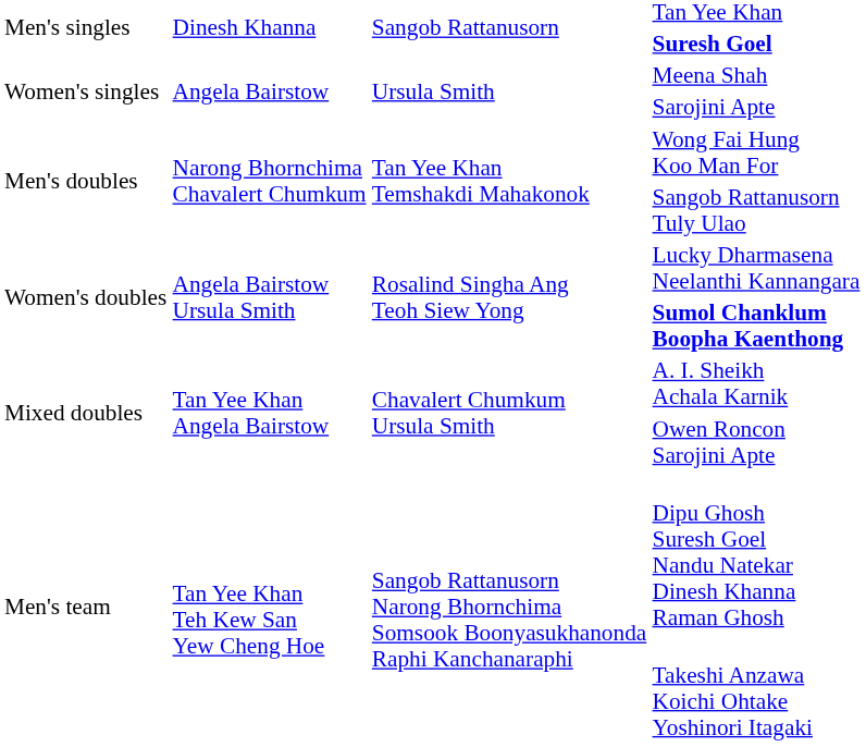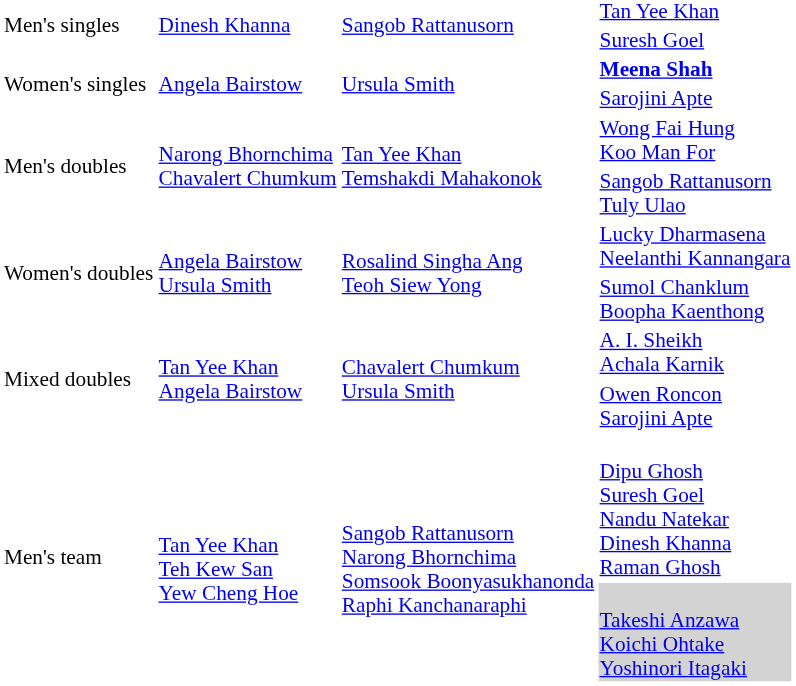 <table>
 <tr>
 <td rowspan="2">Men's singles</td>
 <td rowspan="2"> <a href='#'>Dinesh Khanna</a></td>
 <td rowspan="2"> <a href='#'>Sangob Rattanusorn</a></td>
 <td> <a href='#'>Tan Yee Khan</a></td>
 </tr>
 <tr>
-<td><strong> <a href='#'>Suresh Goel</a></strong></td>
+<td> <a href='#'>Suresh Goel</a></td>
 </tr>
 <tr>
 <td rowspan="2">Women's singles</td>
 <td rowspan="2"> <a href='#'>Angela Bairstow</a></td>
 <td rowspan="2"> <a href='#'>Ursula Smith</a></td>
-<td> <a href='#'>Meena Shah</a></td>
+<td><strong> <a href='#'>Meena Shah</a></strong></td>
 </tr>
 <tr>
 <td> <a href='#'>Sarojini Apte</a></td>
 </tr>
 <tr>
 <td rowspan="2">Men's doubles</td>
 <td rowspan="2"> <a href='#'>Narong Bhornchima</a> <br>  <a href='#'>Chavalert Chumkum</a></td>
 <td rowspan="2"> <a href='#'>Tan Yee Khan</a> <br>  <a href='#'>Temshakdi Mahakonok</a></td>
 <td> <a href='#'>Wong Fai Hung</a> <br>  <a href='#'>Koo Man For</a></td>
 </tr>
 <tr>
 <td> <a href='#'>Sangob Rattanusorn</a> <br>  <a href='#'>Tuly Ulao</a></td>
 </tr>
 <tr>
 <td rowspan="2">Women's doubles</td>
 <td rowspan="2"> <a href='#'>Angela Bairstow</a><br> <a href='#'>Ursula Smith</a></td>
 <td rowspan="2"> <a href='#'>Rosalind Singha Ang</a><br> <a href='#'>Teoh Siew Yong</a></td>
 <td> <a href='#'>Lucky Dharmasena</a> <br>  <a href='#'>Neelanthi Kannangara</a></td>
 </tr>
 <tr>
-<td><strong> <a href='#'>Sumol Chanklum</a> <br>  <a href='#'>Boopha Kaenthong</a></strong></td>
+<td> <a href='#'>Sumol Chanklum</a> <br>  <a href='#'>Boopha Kaenthong</a></td>
 </tr>
 <tr>
 <td rowspan="2">Mixed doubles</td>
 <td rowspan="2"> <a href='#'>Tan Yee Khan</a><br> <a href='#'>Angela Bairstow</a></td>
 <td rowspan="2"> <a href='#'>Chavalert Chumkum</a><br> <a href='#'>Ursula Smith</a></td>
 <td> <a href='#'>A. I. Sheikh</a> <br>  <a href='#'>Achala Karnik</a></td>
 </tr>
 <tr>
 <td> <a href='#'>Owen Roncon</a> <br>  <a href='#'>Sarojini Apte</a></td>
 </tr>
 <tr>
 <td rowspan="2">Men's team<br></td>
 <td rowspan="2"><br><a href='#'>Tan Yee Khan</a><br><a href='#'>Teh Kew San</a><br><a href='#'>Yew Cheng Hoe</a></td>
 <td rowspan="2"><br><a href='#'>Sangob Rattanusorn</a><br><a href='#'>Narong Bhornchima</a> <br><a href='#'>Somsook Boonyasukhanonda</a> <br><a href='#'>Raphi Kanchanaraphi</a></td>
 <td><br><a href='#'>Dipu Ghosh</a><br><a href='#'>Suresh Goel</a><br><a href='#'>Nandu Natekar</a><br><a href='#'>Dinesh Khanna</a><br><a href='#'>Raman Ghosh</a></td>
 </tr>
 <tr>
-<td><br><a href='#'>Takeshi Anzawa</a> <br><a href='#'>Koichi Ohtake</a><br><a href='#'>Yoshinori Itagaki</a></td>
+<td style="background: lightgrey;"><br><a href='#'>Takeshi Anzawa</a> <br><a href='#'>Koichi Ohtake</a><br><a href='#'>Yoshinori Itagaki</a></td>
 </tr>
 </table>
